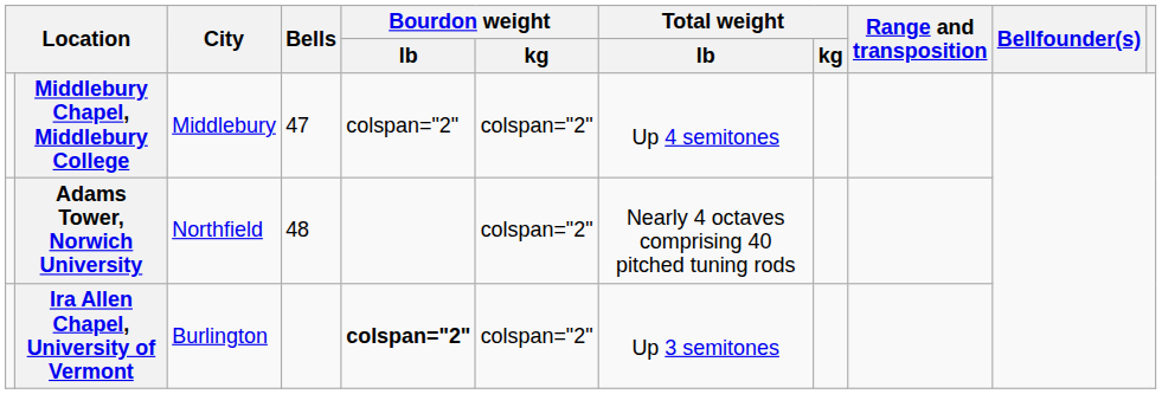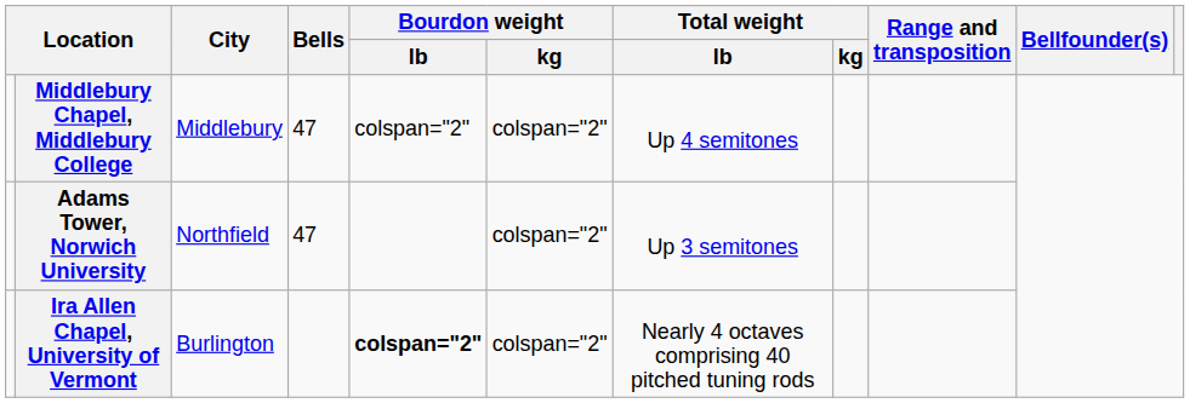 <table class="wikitable sortable plainrowheaders">
 <tr>
 <th scope="col" colspan="2" rowspan="2" class="unsortable">Location</th>
 <th scope="col" rowspan="2">City</th>
 <th scope="col" rowspan="2">Bells</th>
 <th scope="col" colspan="2"><a href='#'>Bourdon</a> weight</th>
 <th scope="col" colspan="2">Total weight</th>
 <th scope="col" rowspan="2" class="unsortable"><a href='#'>Range</a> and<br><a href='#'>transposition</a></th>
 <th scope="col" rowspan="2" class="unsortable"><a href='#'>Bellfounder(s)</a></th>
 <th scope="col" rowspan="2" class="unsortable"></th>
 </tr>
 <tr>
 <th scope="col">lb</th>
 <th scope="col">kg</th>
 <th scope="col">lb</th>
 <th scope="col">kg</th>
 </tr>
 <tr>
 <td></td>
 <th scope="row"><a href='#'>Middlebury Chapel</a>,<br><a href='#'>Middlebury College</a></th>
 <td><a href='#'>Middlebury</a></td>
 <td>47</td>
 <td>colspan="2" </td>
 <td>colspan="2" </td>
 <td style="text-align: center"><br>Up <a href='#'>4 semitones</a></td>
 <td></td>
 <td></td>
 </tr>
 <tr>
 <td></td>
 <th scope="row">Adams Tower,<br><a href='#'>Norwich University</a></th>
 <td><a href='#'>Northfield</a></td>
-<td>48</td>
+<td>47</td>
 <td></td>
 <td>colspan="2" </td>
-<td style="text-align: center"><br>Nearly 4 octaves comprising 40 pitched tuning rods</td>
+<td style="text-align: center"><br>Up <a href='#'>3 semitones</a></td>
 <td></td>
 <td></td>
 </tr>
 <tr>
 <td></td>
 <th scope="row"><a href='#'>Ira Allen Chapel</a>,<br><a href='#'>University of Vermont</a></th>
 <td><a href='#'>Burlington</a></td>
 <td></td>
 <td><strong>colspan="2" </strong></td>
 <td>colspan="2" </td>
-<td style="text-align: center"><br>Up <a href='#'>3 semitones</a></td>
+<td style="text-align: center"><br>Nearly 4 octaves comprising 40 pitched tuning rods</td>
 <td></td>
 <td></td>
 </tr>
 </table>
